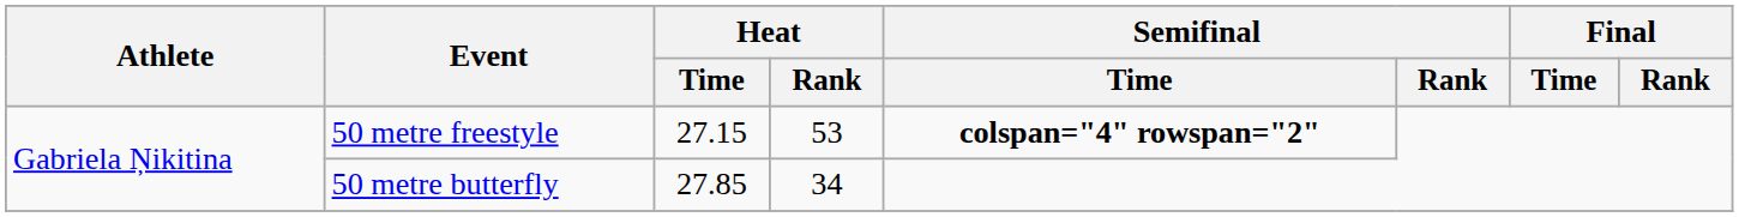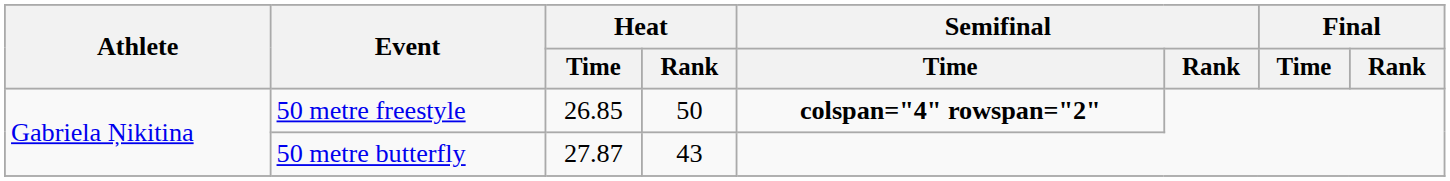 <table class="wikitable" style="text-align:center; font-size:90%; width:50%;">
 <tr>
 <th rowspan="2">Athlete</th>
 <th rowspan="2">Event</th>
 <th colspan="2">Heat</th>
 <th colspan="2">Semifinal</th>
 <th colspan="2">Final</th>
 </tr>
 <tr style="font-size:95%">
 <th>Time</th>
 <th>Rank</th>
 <th>Time</th>
 <th>Rank</th>
 <th>Time</th>
 <th>Rank</th>
 </tr>
 <tr align=center>
 <td align=left rowspan="2"><a href='#'>Gabriela Ņikitina</a></td>
 <td align=left><a href='#'>50 metre freestyle</a></td>
-<td>27.15</td>
-<td>53</td>
+<td>26.85</td>
+<td>50</td>
 <td><strong>colspan="4" rowspan="2" </strong></td>
 </tr>
 <tr align=center>
 <td align=left><a href='#'>50 metre butterfly</a></td>
-<td>27.85</td>
-<td>34</td>
+<td>27.87</td>
+<td>43</td>
 </tr>
 </table>
